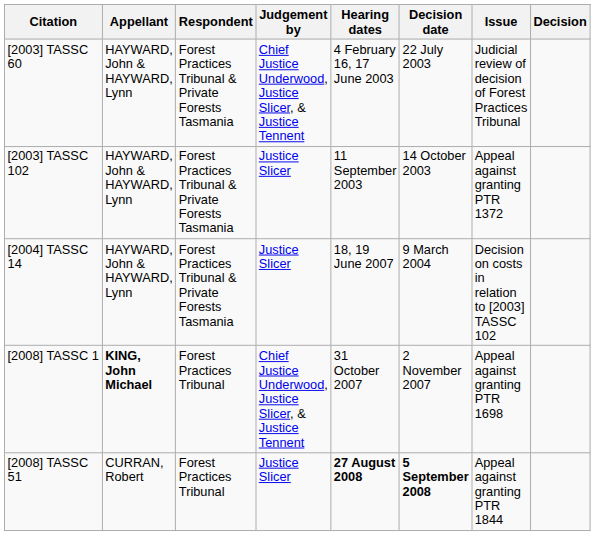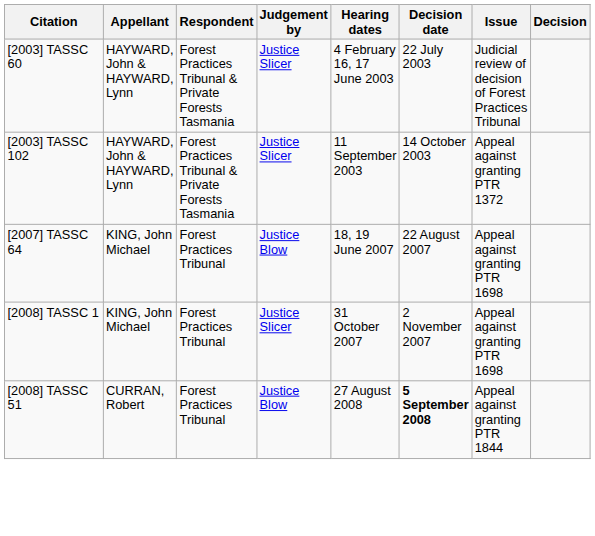 <table class="wikitable sortable" style=font-size:smaller; line-height:2>
 <tr>
 <th style="width: 9em;">Citation</th>
 <th>Appellant</th>
 <th>Respondent</th>
 <th>Judgement by</th>
 <th>Hearing dates</th>
 <th>Decision date</th>
 <th>Issue</th>
 <th>Decision</th>
 </tr>
 <tr style="vertical-align: top;">
 <td>[2003] TASSC 60</td>
 <td>HAYWARD, John & HAYWARD, Lynn</td>
 <td>Forest Practices Tribunal & Private Forests Tasmania</td>
-<td><a href='#'>Chief Justice</a> <a href='#'>Underwood</a>, <a href='#'>Justice Slicer</a>, & <a href='#'>Justice Tennent</a></td>
+<td><a href='#'>Justice Slicer</a></td>
 <td>4 February 16, 17 June 2003</td>
 <td>22 July 2003</td>
 <td>Judicial review of decision of Forest Practices Tribunal</td>
 <td></td>
 </tr>
 <tr style="vertical-align: top;">
 <td>[2003] TASSC 102</td>
 <td>HAYWARD, John & HAYWARD, Lynn</td>
 <td>Forest Practices Tribunal & Private Forests Tasmania</td>
 <td><a href='#'>Justice Slicer</a></td>
 <td>11 September 2003</td>
 <td>14 October 2003</td>
 <td>Appeal against granting PTR 1372</td>
 <td></td>
 </tr>
 <tr style="vertical-align: top;">
-<td>[2004] TASSC 14</td>
-<td>HAYWARD, John & HAYWARD, Lynn</td>
-<td>Forest Practices Tribunal & Private Forests Tasmania</td>
-<td><a href='#'>Justice Slicer</a></td>
+<td>[2007] TASSC 64</td>
+<td>KING, John Michael</td>
+<td>Forest Practices Tribunal</td>
+<td><a href='#'>Justice Blow</a></td>
 <td>18, 19 June 2007</td>
-<td>9 March 2004</td>
-<td>Decision on costs in relation to [2003] TASSC 102</td>
+<td>22 August 2007</td>
+<td>Appeal against granting PTR 1698</td>
 <td></td>
 </tr>
 <tr style="vertical-align: top;">
 <td>[2008] TASSC 1</td>
-<td><strong>KING, John Michael</strong></td>
+<td>KING, John Michael</td>
 <td>Forest Practices Tribunal</td>
-<td><a href='#'>Chief Justice</a> <a href='#'>Underwood</a>, <a href='#'>Justice Slicer</a>, & <a href='#'>Justice Tennent</a></td>
+<td><a href='#'>Justice Slicer</a></td>
 <td>31 October 2007</td>
 <td>2 November 2007</td>
 <td>Appeal against granting PTR 1698</td>
 <td></td>
 </tr>
 <tr style="vertical-align: top;">
 <td>[2008] TASSC 51</td>
 <td>CURRAN, Robert</td>
 <td>Forest Practices Tribunal</td>
-<td><a href='#'>Justice Slicer</a></td>
-<td><strong>27 August 2008</strong></td>
+<td><a href='#'>Justice Blow</a></td>
+<td>27 August 2008</td>
 <td><strong>5 September 2008</strong></td>
 <td>Appeal against granting PTR 1844</td>
 <td></td>
 </tr>
 </table>
